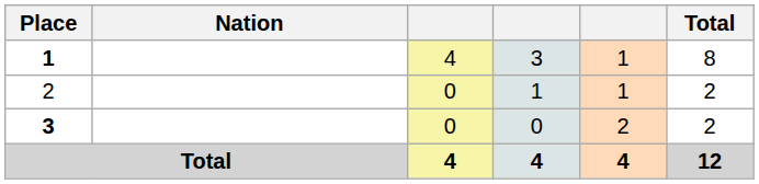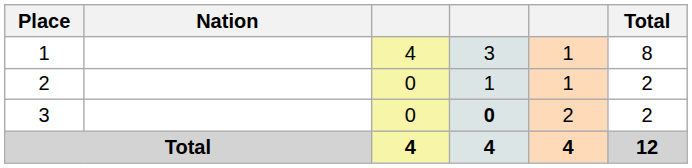 <table class=wikitable style="border:1px solid #AAAAAA;font-size:90%">
 <tr bgcolor="#EFEFEF">
 <th width=50>Place</th>
 <th width=200>Nation</th>
 <th width=50></th>
 <th width=50></th>
 <th width=50></th>
 <th width=50>Total</th>
 </tr>
 <tr align="center" valign="top" bgcolor="#FFFFFF">
-<td><strong>1</strong></td>
+<td>1</td>
 <td align="left"></td>
 <td style="background:#F7F6A8;">4</td>
 <td style="background:#DCE5E5;">3</td>
 <td style="background:#FFDAB9;">1</td>
 <td>8</td>
 </tr>
 <tr align="center" valign="top" bgcolor="#FFFFFF">
 <td>2</td>
 <td align="left"></td>
 <td style="background:#F7F6A8;">0</td>
 <td style="background:#DCE5E5;">1</td>
 <td style="background:#FFDAB9;">1</td>
 <td>2</td>
 </tr>
 <tr align="center" valign="top" bgcolor="#FFFFFF">
-<td><strong>3</strong></td>
+<td>3</td>
 <td align="left"></td>
 <td style="background:#F7F6A8;">0</td>
-<td style="background:#DCE5E5;">0</td>
+<td style="background:#DCE5E5;"><strong>0</strong></td>
 <td style="background:#FFDAB9;">2</td>
 <td>2</td>
 </tr>
 <tr align="center">
 <td colspan="2" bgcolor=D3D3D3><strong>Total</strong></td>
 <td style="background:#F7F6A8;"><strong>4</strong></td>
 <td style="background:#DCE5E5;"><strong>4</strong></td>
 <td style="background:#FFDAB9;"><strong>4</strong></td>
 <td bgcolor=D3D3D3><strong>12</strong></td>
 </tr>
 </table>
